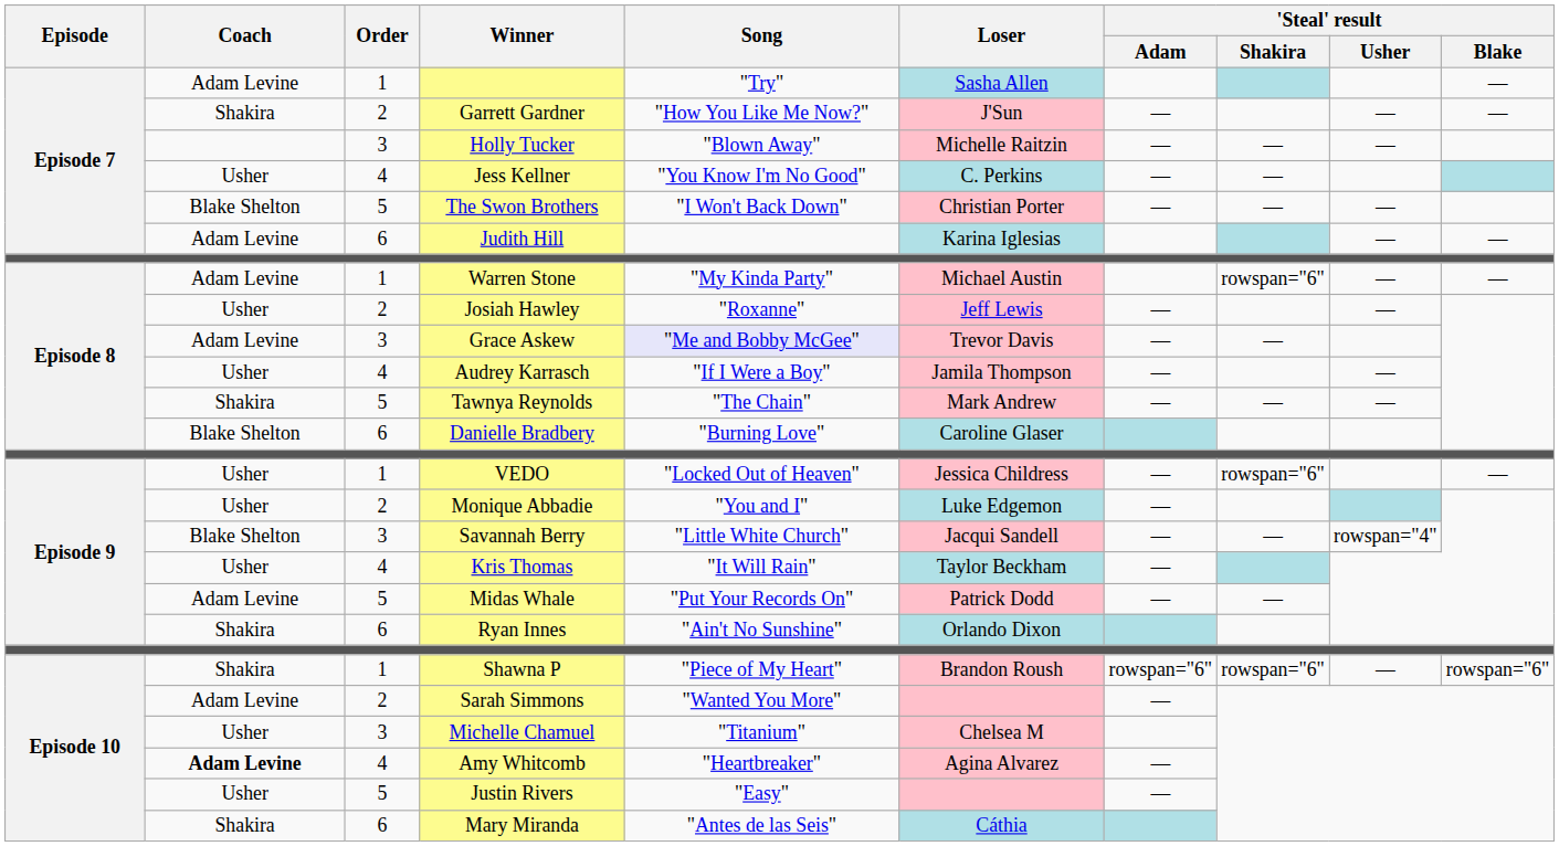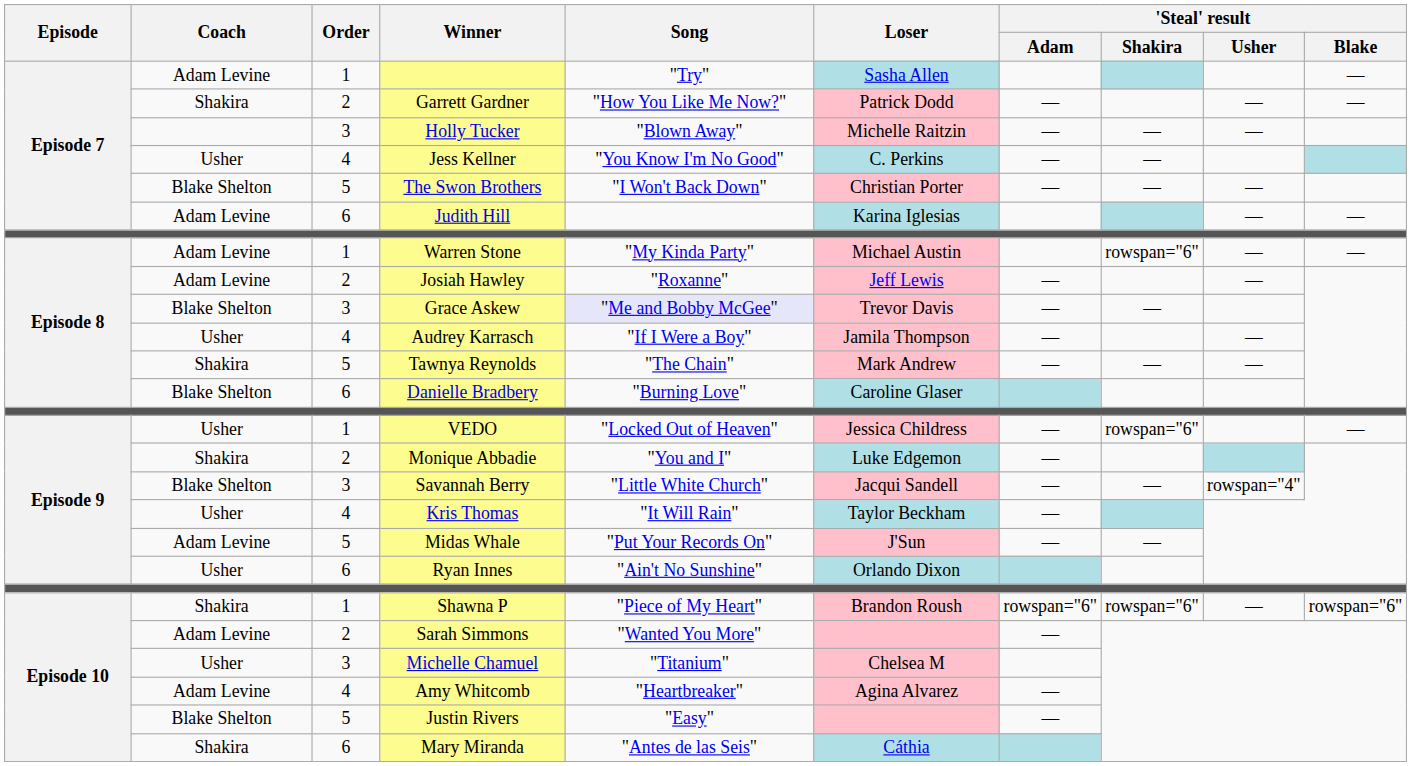 <table class="wikitable" style="text-align: center; width:100%;">
 <tr>
 <th rowspan="2" style="width:10%;">Episode</th>
 <th rowspan="2" style="width:15%;">Coach</th>
 <th rowspan="2" style="width:05%;">Order</th>
 <th rowspan="2" style="width:15%;">Winner</th>
 <th rowspan="2" style="width:20%;">Song</th>
 <th rowspan="2" style="width:15%;">Loser</th>
 <th colspan="4" style="width:20%;">'Steal' result</th>
 </tr>
 <tr>
 <th style="width:05%;">Adam</th>
 <th style="width:05%;">Shakira</th>
 <th style="width:05%;">Usher</th>
 <th style="width:05%;">Blake</th>
 </tr>
 <tr>
 <th rowspan="6">Episode 7<br><small></small></th>
 <td>Adam Levine</td>
 <td>1</td>
 <td style="background:#fdfc8f;"></td>
 <td>"<a href='#'>Try</a>"</td>
 <td style="background:#B0E0E6"><a href='#'>Sasha Allen</a></td>
 <td></td>
 <td style="background:#B0E0E6;"><strong></strong></td>
 <td><strong></strong></td>
 <td>—</td>
 </tr>
 <tr>
 <td>Shakira</td>
 <td>2</td>
 <td style="background:#fdfc8f;">Garrett Gardner</td>
 <td>"<a href='#'>How You Like Me Now?</a>"</td>
-<td style="background:pink;">J'Sun</td>
+<td style="background:pink;">Patrick Dodd</td>
 <td>—</td>
 <td></td>
 <td>—</td>
 <td>—</td>
 </tr>
 <tr>
 <td></td>
 <td>3</td>
 <td style="background:#fdfc8f;"><a href='#'>Holly Tucker</a></td>
 <td>"<a href='#'>Blown Away</a>"</td>
 <td style="background:pink;">Michelle Raitzin</td>
 <td>—</td>
 <td>—</td>
 <td>—</td>
 <td></td>
 </tr>
 <tr>
 <td>Usher</td>
 <td>4</td>
 <td style="background:#fdfc8f;">Jess Kellner</td>
 <td>"<a href='#'>You Know I'm No Good</a>"</td>
 <td style="background:#B0E0E6;">C. Perkins</td>
 <td>—</td>
 <td>—</td>
 <td></td>
 <td style="background:#B0E0E6;"><strong></strong></td>
 </tr>
 <tr>
 <td>Blake Shelton</td>
 <td>5</td>
 <td style="background:#fdfc8f;"><a href='#'>The Swon Brothers</a></td>
 <td>"<a href='#'>I Won't Back Down</a>"</td>
 <td style="background:pink;">Christian Porter</td>
 <td>—</td>
 <td>—</td>
 <td>—</td>
 <td></td>
 </tr>
 <tr>
 <td>Adam Levine</td>
 <td>6</td>
 <td style="background:#fdfc8f;"><a href='#'>Judith Hill</a></td>
 <td></td>
 <td style="background:#B0E0E6">Karina Iglesias</td>
 <td></td>
 <td style="background:#B0E0E6;"><strong></strong></td>
 <td>—</td>
 <td>—</td>
 </tr>
 <tr>
 <td colspan="10" style="background:#555;"></td>
 </tr>
 <tr>
 <th rowspan="6">Episode 8<br><small></small></th>
 <td>Adam Levine</td>
 <td>1</td>
 <td style="background:#fdfc8f;">Warren Stone</td>
 <td>"<a href='#'>My Kinda Party</a>"</td>
 <td style="background:pink;">Michael Austin</td>
 <td></td>
 <td>rowspan="6" </td>
 <td>—</td>
 <td>—</td>
 </tr>
 <tr>
-<td>Usher</td>
+<td>Adam Levine</td>
 <td>2</td>
 <td style="background:#fdfc8f;">Josiah Hawley</td>
 <td>"<a href='#'>Roxanne</a>"</td>
 <td style="background:pink;"><a href='#'>Jeff Lewis</a></td>
 <td>—</td>
 <td></td>
 <td>—</td>
 </tr>
 <tr>
-<td>Adam Levine</td>
+<td>Blake Shelton</td>
 <td>3</td>
 <td style="background:#fdfc8f;">Grace Askew</td>
 <td style="background: lavender;">"<a href='#'>Me and Bobby McGee</a>"</td>
 <td style="background:pink;">Trevor Davis</td>
 <td>—</td>
 <td>—</td>
 <td></td>
 </tr>
 <tr>
 <td>Usher</td>
 <td>4</td>
 <td style="background:#fdfc8f;">Audrey Karrasch</td>
 <td>"<a href='#'>If I Were a Boy</a>"</td>
 <td style="background:pink;">Jamila Thompson</td>
 <td>—</td>
 <td></td>
 <td>—</td>
 </tr>
 <tr>
 <td>Shakira</td>
 <td>5</td>
 <td style="background:#fdfc8f;">Tawnya Reynolds</td>
 <td>"<a href='#'>The Chain</a>"</td>
 <td style="background:pink;">Mark Andrew</td>
 <td>—</td>
 <td>—</td>
 <td>—</td>
 </tr>
 <tr>
 <td>Blake Shelton</td>
 <td>6</td>
 <td style="background:#fdfc8f;"><a href='#'>Danielle Bradbery</a></td>
 <td>"<a href='#'>Burning Love</a>"</td>
 <td style="background:#B0E0E6">Caroline Glaser</td>
 <td style="background:#B0E0E6;"><strong></strong></td>
 <td><strong></strong></td>
 <td></td>
 </tr>
 <tr>
 <td colspan="10" style="background:#555;"></td>
 </tr>
 <tr>
 <th rowspan="6">Episode 9<br><small></small></th>
 <td>Usher</td>
 <td>1</td>
 <td style="background:#fdfc8f;">VEDO</td>
 <td>"<a href='#'>Locked Out of Heaven</a>"</td>
 <td style="background:pink;">Jessica Childress</td>
 <td>—</td>
 <td>rowspan="6" </td>
 <td></td>
 <td>—</td>
 </tr>
 <tr>
-<td>Usher</td>
+<td>Shakira</td>
 <td>2</td>
 <td style="background:#fdfc8f;">Monique Abbadie</td>
 <td>"<a href='#'>You and I</a>"</td>
 <td style="background:#B0E0E6;">Luke Edgemon</td>
 <td>—</td>
 <td><strong></strong></td>
 <td style="background:#B0E0E6;"><strong></strong></td>
 </tr>
 <tr>
 <td>Blake Shelton</td>
 <td>3</td>
 <td style="background:#fdfc8f;">Savannah Berry</td>
 <td>"<a href='#'>Little White Church</a>"</td>
 <td style="background:pink;">Jacqui Sandell</td>
 <td>—</td>
 <td>—</td>
 <td>rowspan="4" </td>
 </tr>
 <tr>
 <td>Usher</td>
 <td>4</td>
 <td style="background:#fdfc8f;"><a href='#'>Kris Thomas</a></td>
 <td>"<a href='#'>It Will Rain</a>"</td>
 <td style="background:#B0E0E6;">Taylor Beckham</td>
 <td>—</td>
 <td style="background:#B0E0E6;"><strong></strong></td>
 </tr>
 <tr>
 <td>Adam Levine</td>
 <td>5</td>
 <td style="background:#fdfc8f;">Midas Whale</td>
 <td>"<a href='#'>Put Your Records On</a>"</td>
-<td style="background:pink;">Patrick Dodd</td>
+<td style="background:pink;">J'Sun</td>
 <td>—</td>
 <td>—</td>
 </tr>
 <tr>
-<td>Shakira</td>
+<td>Usher</td>
 <td>6</td>
 <td style="background:#fdfc8f;">Ryan Innes</td>
 <td>"<a href='#'>Ain't No Sunshine</a>"</td>
 <td style="background:#B0E0E6;">Orlando Dixon</td>
 <td style="background:#B0E0E6;"><strong></strong></td>
 <td></td>
 </tr>
 <tr>
 <td colspan="10" style="background:#555;"></td>
 </tr>
 <tr>
 <th rowspan="6">Episode 10<br><small></small></th>
 <td>Shakira</td>
 <td>1</td>
 <td style="background:#fdfc8f;">Shawna P</td>
 <td>"<a href='#'>Piece of My Heart</a>"</td>
 <td style="background:pink;">Brandon Roush</td>
 <td>rowspan="6" </td>
 <td>rowspan="6" </td>
 <td>—</td>
 <td>rowspan="6" </td>
 </tr>
 <tr>
 <td>Adam Levine</td>
 <td>2</td>
 <td style="background:#fdfc8f;">Sarah Simmons</td>
 <td>"<a href='#'>Wanted You More</a>"</td>
 <td style="background:pink;"></td>
 <td>—</td>
 </tr>
 <tr>
 <td>Usher</td>
 <td>3</td>
 <td style="background:#fdfc8f;"><a href='#'>Michelle Chamuel</a></td>
 <td>"<a href='#'>Titanium</a>"</td>
 <td style="background:pink;">Chelsea M</td>
 <td></td>
 </tr>
 <tr>
-<td><strong>Adam Levine</strong></td>
+<td>Adam Levine</td>
 <td>4</td>
 <td style="background:#fdfc8f;">Amy Whitcomb</td>
 <td>"<a href='#'>Heartbreaker</a>"</td>
 <td style="background:pink;">Agina Alvarez</td>
 <td>—</td>
 </tr>
 <tr>
-<td>Usher</td>
+<td>Blake Shelton</td>
 <td>5</td>
 <td style="background:#fdfc8f;">Justin Rivers</td>
 <td>"<a href='#'>Easy</a>"</td>
 <td style="background:pink;"></td>
 <td>—</td>
 </tr>
 <tr>
 <td>Shakira</td>
 <td>6</td>
 <td style="background:#fdfc8f;">Mary Miranda</td>
 <td>"<a href='#'>Antes de las Seis</a>"</td>
 <td style="background:#B0E0E6;"><a href='#'>Cáthia</a></td>
 <td style="background:#B0E0E6;"><strong></strong></td>
 </tr>
 </table>
